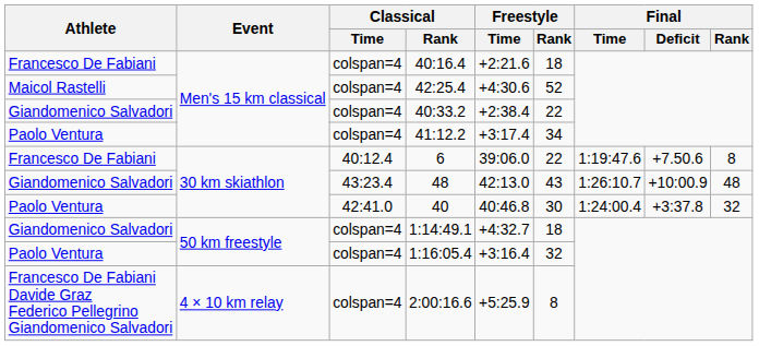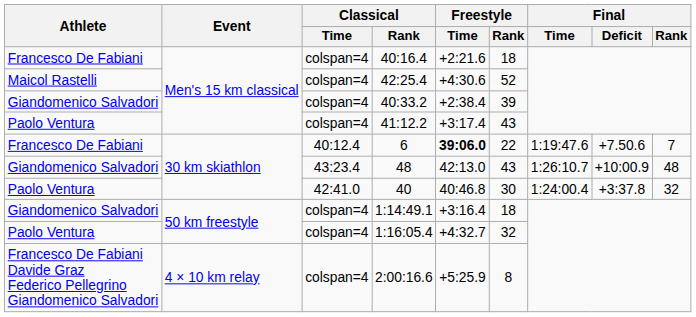 <table class=wikitable style=font-size:90%;text-align:center>
 <tr>
 <th rowspan=2>Athlete</th>
 <th rowspan=2>Event</th>
 <th colspan=2>Classical</th>
 <th colspan=2>Freestyle</th>
 <th colspan=3>Final</th>
 </tr>
 <tr style="font-size: 95%">
 <th>Time</th>
 <th>Rank</th>
 <th>Time</th>
 <th>Rank</th>
 <th>Time</th>
 <th>Deficit</th>
 <th>Rank</th>
 </tr>
 <tr>
 <td align=left><a href='#'>Francesco De Fabiani</a></td>
 <td align=left rowspan=4><a href='#'>Men's 15 km classical</a></td>
 <td>colspan=4 </td>
 <td>40:16.4</td>
 <td>+2:21.6</td>
 <td>18</td>
 </tr>
 <tr>
 <td align=left><a href='#'>Maicol Rastelli</a></td>
 <td>colspan=4 </td>
 <td>42:25.4</td>
 <td>+4:30.6</td>
 <td>52</td>
 </tr>
 <tr>
 <td align=left><a href='#'>Giandomenico Salvadori</a></td>
 <td>colspan=4 </td>
 <td>40:33.2</td>
 <td>+2:38.4</td>
-<td>22</td>
+<td>39</td>
 </tr>
 <tr>
 <td align=left><a href='#'>Paolo Ventura</a></td>
 <td>colspan=4 </td>
 <td>41:12.2</td>
 <td>+3:17.4</td>
-<td>34</td>
+<td>43</td>
 </tr>
 <tr>
 <td align=left><a href='#'>Francesco De Fabiani</a></td>
 <td align=left rowspan=3><a href='#'>30 km skiathlon</a></td>
 <td>40:12.4</td>
 <td>6</td>
-<td>39:06.0</td>
+<td><strong>39:06.0</strong></td>
 <td>22</td>
 <td>1:19:47.6</td>
 <td>+7.50.6</td>
-<td>8</td>
+<td>7</td>
 </tr>
 <tr>
 <td align=left><a href='#'>Giandomenico Salvadori</a></td>
 <td>43:23.4</td>
 <td>48</td>
 <td>42:13.0</td>
 <td>43</td>
 <td>1:26:10.7</td>
 <td>+10:00.9</td>
 <td>48</td>
 </tr>
 <tr>
 <td align=left><a href='#'>Paolo Ventura</a></td>
 <td>42:41.0</td>
 <td>40</td>
 <td>40:46.8</td>
 <td>30</td>
 <td>1:24:00.4</td>
 <td>+3:37.8</td>
 <td>32</td>
 </tr>
 <tr>
 <td align=left><a href='#'>Giandomenico Salvadori</a></td>
 <td align=left rowspan=2><a href='#'>50 km freestyle</a></td>
 <td>colspan=4 </td>
 <td>1:14:49.1</td>
-<td>+4:32.7</td>
+<td>+3:16.4</td>
 <td>18</td>
 </tr>
 <tr>
 <td align=left><a href='#'>Paolo Ventura</a></td>
 <td>colspan=4 </td>
 <td>1:16:05.4</td>
-<td>+3:16.4</td>
+<td>+4:32.7</td>
 <td>32</td>
 </tr>
 <tr>
 <td align=left><a href='#'>Francesco De Fabiani</a><br><a href='#'>Davide Graz</a><br><a href='#'>Federico Pellegrino</a><br><a href='#'>Giandomenico Salvadori</a></td>
 <td align=left><a href='#'>4 × 10 km relay</a></td>
 <td>colspan=4 </td>
 <td>2:00:16.6</td>
 <td>+5:25.9</td>
 <td>8</td>
 </tr>
 </table>
